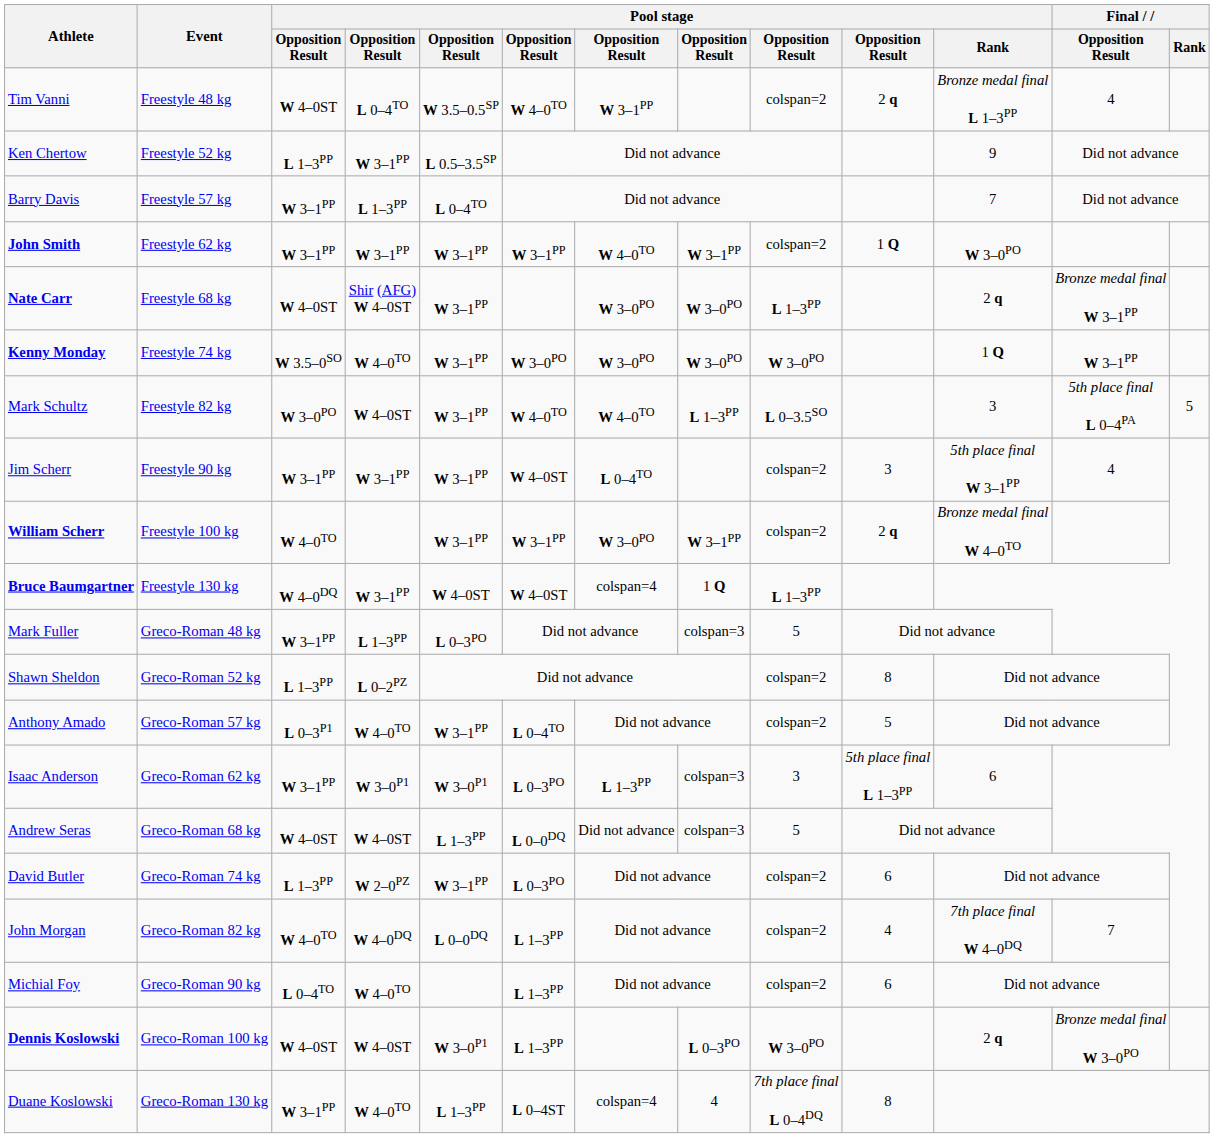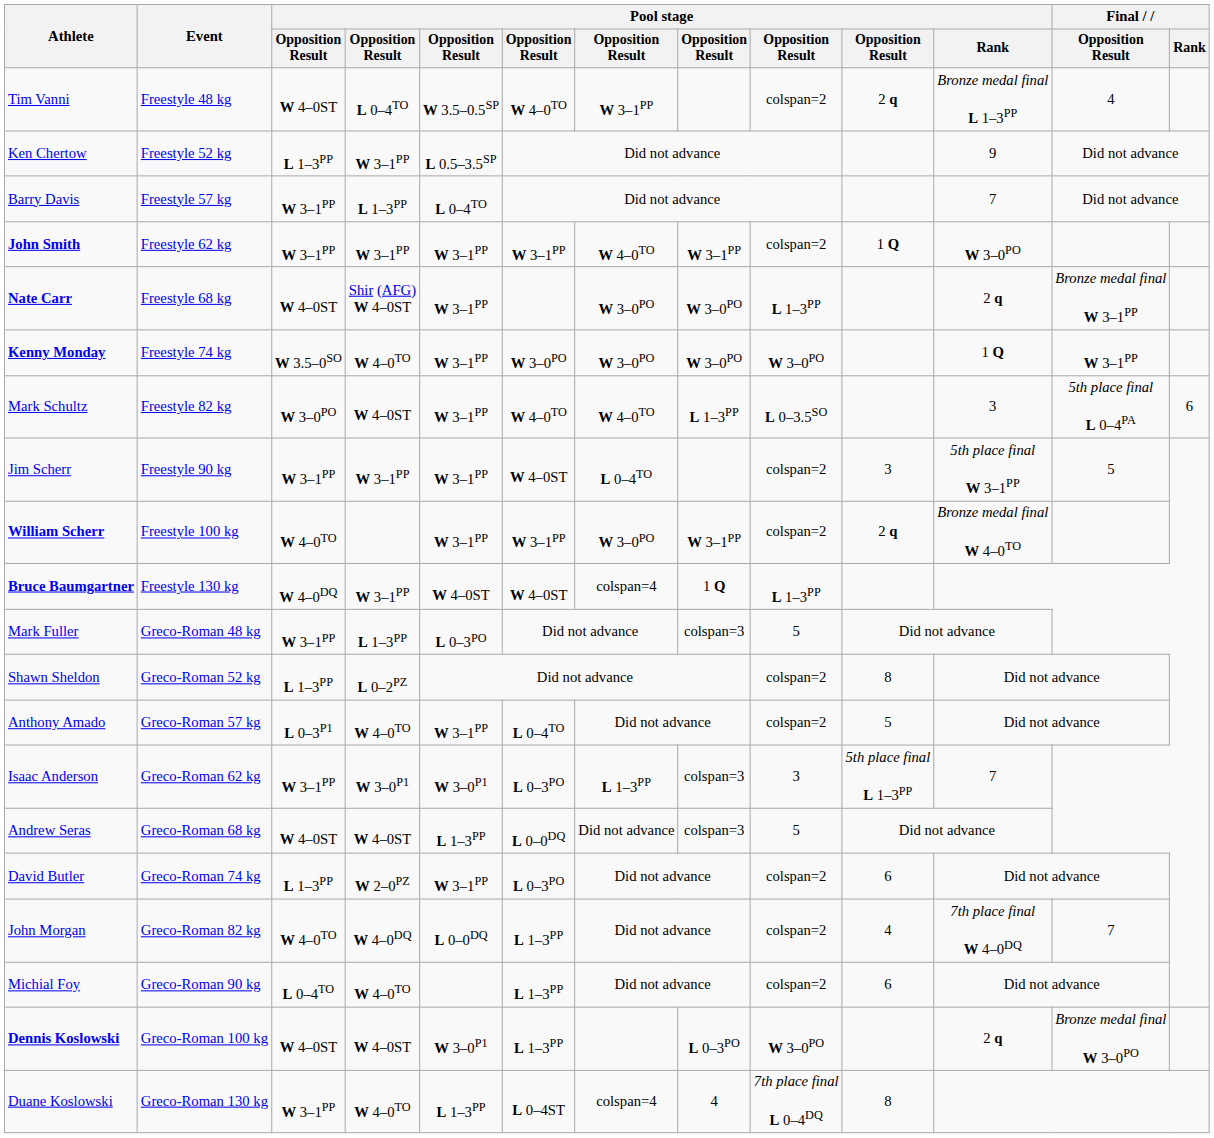 <table class=wikitable style=font-size:90%;text-align:center>
 <tr>
 <th rowspan=2>Athlete</th>
 <th rowspan=2>Event</th>
 <th colspan=9>Pool stage</th>
 <th colspan=2>Final /  / </th>
 </tr>
 <tr style=font-size:95%>
 <th>Opposition<br>Result</th>
 <th>Opposition<br>Result</th>
 <th>Opposition<br>Result</th>
 <th>Opposition<br>Result</th>
 <th>Opposition<br>Result</th>
 <th>Opposition<br>Result</th>
 <th>Opposition<br>Result</th>
 <th>Opposition<br>Result</th>
 <th>Rank</th>
 <th>Opposition<br>Result</th>
 <th>Rank</th>
 </tr>
 <tr>
 <td align=left><a href='#'>Tim Vanni</a></td>
 <td align=left><a href='#'>Freestyle 48 kg</a></td>
 <td><br><strong>W</strong> 4–0ST</td>
 <td><br><strong>L</strong> 0–4<sup>TO</sup></td>
 <td><br><strong>W</strong> 3.5–0.5<sup>SP</sup></td>
 <td><br><strong>W</strong> 4–0<sup>TO</sup></td>
 <td><br><strong>W</strong> 3–1<sup>PP</sup></td>
 <td></td>
 <td>colspan=2 </td>
 <td>2 <strong>q</strong></td>
 <td><em>Bronze medal final</em><br><br><strong>L</strong> 1–3<sup>PP</sup></td>
 <td>4</td>
 </tr>
 <tr>
 <td align=left><a href='#'>Ken Chertow</a></td>
 <td align=left><a href='#'>Freestyle 52 kg</a></td>
 <td><br><strong>L</strong> 1–3<sup>PP</sup></td>
 <td><br><strong>W</strong> 3–1<sup>PP</sup></td>
 <td><br><strong>L</strong> 0.5–3.5<sup>SP</sup></td>
 <td colspan=4>Did not advance</td>
 <td></td>
 <td>9</td>
 <td colspan=2>Did not advance</td>
 </tr>
 <tr>
 <td align=left><a href='#'>Barry Davis</a></td>
 <td align=left><a href='#'>Freestyle 57 kg</a></td>
 <td><br><strong>W</strong> 3–1<sup>PP</sup></td>
 <td><br><strong>L</strong> 1–3<sup>PP</sup></td>
 <td><br><strong>L</strong> 0–4<sup>TO</sup></td>
 <td colspan=4>Did not advance</td>
 <td></td>
 <td>7</td>
 <td colspan=2>Did not advance</td>
 </tr>
 <tr>
 <td align=left><strong><a href='#'>John Smith</a></strong></td>
 <td align=left><a href='#'>Freestyle 62 kg</a></td>
 <td><br><strong>W</strong> 3–1<sup>PP</sup></td>
 <td><br><strong>W</strong> 3–1<sup>PP</sup></td>
 <td><br><strong>W</strong> 3–1<sup>PP</sup></td>
 <td><br><strong>W</strong> 3–1<sup>PP</sup></td>
 <td><br><strong>W</strong> 4–0<sup>TO</sup></td>
 <td><br><strong>W</strong> 3–1<sup>PP</sup></td>
 <td>colspan=2 </td>
 <td>1 <strong>Q</strong></td>
 <td><br><strong>W</strong> 3–0<sup>PO</sup></td>
 <td></td>
 </tr>
 <tr>
 <td align=left><strong><a href='#'>Nate Carr</a></strong></td>
 <td align=left><a href='#'>Freestyle 68 kg</a></td>
 <td><br><strong>W</strong> 4–0ST</td>
 <td><a href='#'>Shir</a> <a href='#'>(AFG)</a><br><strong>W</strong> 4–0ST</td>
 <td><br><strong>W</strong> 3–1<sup>PP</sup></td>
 <td></td>
 <td><br><strong>W</strong> 3–0<sup>PO</sup></td>
 <td><br><strong>W</strong> 3–0<sup>PO</sup></td>
 <td><br><strong>L</strong> 1–3<sup>PP</sup></td>
 <td></td>
 <td>2 <strong>q</strong></td>
 <td><em>Bronze medal final</em><br><br><strong>W</strong> 3–1<sup>PP</sup></td>
 <td></td>
 </tr>
 <tr>
 <td align=left><strong><a href='#'>Kenny Monday</a></strong></td>
 <td align=left><a href='#'>Freestyle 74 kg</a></td>
 <td><br><strong>W</strong> 3.5–0<sup>SO</sup></td>
 <td><br><strong>W</strong> 4–0<sup>TO</sup></td>
 <td><br><strong>W</strong> 3–1<sup>PP</sup></td>
 <td><br><strong>W</strong> 3–0<sup>PO</sup></td>
 <td><br><strong>W</strong> 3–0<sup>PO</sup></td>
 <td><br><strong>W</strong> 3–0<sup>PO</sup></td>
 <td><br><strong>W</strong> 3–0<sup>PO</sup></td>
 <td></td>
 <td>1 <strong>Q</strong></td>
 <td><br><strong>W</strong> 3–1<sup>PP</sup></td>
 <td></td>
 </tr>
 <tr>
 <td align=left><a href='#'>Mark Schultz</a></td>
 <td align=left><a href='#'>Freestyle 82 kg</a></td>
 <td><br><strong>W</strong> 3–0<sup>PO</sup></td>
 <td><br><strong>W</strong> 4–0ST</td>
 <td><br><strong>W</strong> 3–1<sup>PP</sup></td>
 <td><br><strong>W</strong> 4–0<sup>TO</sup></td>
 <td><br><strong>W</strong> 4–0<sup>TO</sup></td>
 <td><br><strong>L</strong> 1–3<sup>PP</sup></td>
 <td><br><strong>L</strong> 0–3.5<sup>SO</sup></td>
 <td></td>
 <td>3</td>
 <td><em>5th place final</em><br><br><strong>L</strong> 0–4<sup>PA</sup></td>
-<td>5</td>
+<td>6</td>
 </tr>
 <tr>
 <td align=left><a href='#'>Jim Scherr</a></td>
 <td align=left><a href='#'>Freestyle 90 kg</a></td>
 <td><br><strong>W</strong> 3–1<sup>PP</sup></td>
 <td><br><strong>W</strong> 3–1<sup>PP</sup></td>
 <td><br><strong>W</strong> 3–1<sup>PP</sup></td>
 <td><br><strong>W</strong> 4–0ST</td>
 <td><br><strong>L</strong> 0–4<sup>TO</sup></td>
 <td></td>
 <td>colspan=2 </td>
 <td>3</td>
 <td><em>5th place final</em><br><br><strong>W</strong> 3–1<sup>PP</sup></td>
-<td>4</td>
+<td>5</td>
 </tr>
 <tr>
 <td align=left><strong><a href='#'>William Scherr</a></strong></td>
 <td align=left><a href='#'>Freestyle 100 kg</a></td>
 <td><br><strong>W</strong> 4–0<sup>TO</sup></td>
 <td></td>
 <td><br><strong>W</strong> 3–1<sup>PP</sup></td>
 <td><br><strong>W</strong> 3–1<sup>PP</sup></td>
 <td><br><strong>W</strong> 3–0<sup>PO</sup></td>
 <td><br><strong>W</strong> 3–1<sup>PP</sup></td>
 <td>colspan=2 </td>
 <td>2 <strong>q</strong></td>
 <td><em>Bronze medal final</em><br><br><strong>W</strong> 4–0<sup>TO</sup></td>
 <td></td>
 </tr>
 <tr>
 <td align=left><strong><a href='#'>Bruce Baumgartner</a></strong></td>
 <td align=left><a href='#'>Freestyle 130 kg</a></td>
 <td><br><strong>W</strong> 4–0<sup>DQ</sup></td>
 <td><br><strong>W</strong> 3–1<sup>PP</sup></td>
 <td><br><strong>W</strong> 4–0ST</td>
 <td><br><strong>W</strong> 4–0ST</td>
 <td>colspan=4 </td>
 <td>1 <strong>Q</strong></td>
 <td><br><strong>L</strong> 1–3<sup>PP</sup></td>
 <td></td>
 </tr>
 <tr>
 <td align=left><a href='#'>Mark Fuller</a></td>
 <td align=left><a href='#'>Greco-Roman 48 kg</a></td>
 <td><br><strong>W</strong> 3–1<sup>PP</sup></td>
 <td><br><strong>L</strong> 1–3<sup>PP</sup></td>
 <td><br><strong>L</strong> 0–3<sup>PO</sup></td>
 <td colspan=2>Did not advance</td>
 <td>colspan=3 </td>
 <td>5</td>
 <td colspan=2>Did not advance</td>
 </tr>
 <tr>
 <td align=left><a href='#'>Shawn Sheldon</a></td>
 <td align=left><a href='#'>Greco-Roman 52 kg</a></td>
 <td><br><strong>L</strong> 1–3<sup>PP</sup></td>
 <td><br><strong>L</strong> 0–2<sup>PZ</sup></td>
 <td colspan=4>Did not advance</td>
 <td>colspan=2 </td>
 <td>8</td>
 <td colspan=2>Did not advance</td>
 </tr>
 <tr>
 <td align=left><a href='#'>Anthony Amado</a></td>
 <td align=left><a href='#'>Greco-Roman 57 kg</a></td>
 <td><br><strong>L</strong> 0–3<sup>P1</sup></td>
 <td><br><strong>W</strong> 4–0<sup>TO</sup></td>
 <td><br><strong>W</strong> 3–1<sup>PP</sup></td>
 <td><br><strong>L</strong> 0–4<sup>TO</sup></td>
 <td colspan=2>Did not advance</td>
 <td>colspan=2 </td>
 <td>5</td>
 <td colspan=2>Did not advance</td>
 </tr>
 <tr>
 <td align=left><a href='#'>Isaac Anderson</a></td>
 <td align=left><a href='#'>Greco-Roman 62 kg</a></td>
 <td><br><strong>W</strong> 3–1<sup>PP</sup></td>
 <td><br><strong>W</strong> 3–0<sup>P1</sup></td>
 <td><br><strong>W</strong> 3–0<sup>P1</sup></td>
 <td><br><strong>L</strong> 0–3<sup>PO</sup></td>
 <td><br><strong>L</strong> 1–3<sup>PP</sup></td>
 <td>colspan=3 </td>
 <td>3</td>
 <td><em>5th place final</em><br><br><strong>L</strong> 1–3<sup>PP</sup></td>
-<td>6</td>
+<td>7</td>
 </tr>
 <tr>
 <td align=left><a href='#'>Andrew Seras</a></td>
 <td align=left><a href='#'>Greco-Roman 68 kg</a></td>
 <td><br><strong>W</strong> 4–0ST</td>
 <td><br><strong>W</strong> 4–0ST</td>
 <td><br><strong>L</strong> 1–3<sup>PP</sup></td>
 <td><br><strong>L</strong> 0–0<sup>DQ</sup></td>
 <td>Did not advance</td>
 <td>colspan=3 </td>
 <td>5</td>
 <td colspan=2>Did not advance</td>
 </tr>
 <tr>
 <td align=left><a href='#'>David Butler</a></td>
 <td align=left><a href='#'>Greco-Roman 74 kg</a></td>
 <td><br><strong>L</strong> 1–3<sup>PP</sup></td>
 <td><br><strong>W</strong> 2–0<sup>PZ</sup></td>
 <td><br><strong>W</strong> 3–1<sup>PP</sup></td>
 <td><br><strong>L</strong> 0–3<sup>PO</sup></td>
 <td colspan=2>Did not advance</td>
 <td>colspan=2 </td>
 <td>6</td>
 <td colspan=2>Did not advance</td>
 </tr>
 <tr>
 <td align=left><a href='#'>John Morgan</a></td>
 <td align=left><a href='#'>Greco-Roman 82 kg</a></td>
 <td><br><strong>W</strong> 4–0<sup>TO</sup></td>
 <td><br><strong>W</strong> 4–0<sup>DQ</sup></td>
 <td><br><strong>L</strong> 0–0<sup>DQ</sup></td>
 <td><br><strong>L</strong> 1–3<sup>PP</sup></td>
 <td colspan=2>Did not advance</td>
 <td>colspan=2 </td>
 <td>4</td>
 <td><em>7th place final</em><br><br><strong>W</strong> 4–0<sup>DQ</sup></td>
 <td>7</td>
 </tr>
 <tr>
 <td align=left><a href='#'>Michial Foy</a></td>
 <td align=left><a href='#'>Greco-Roman 90 kg</a></td>
 <td><br><strong>L</strong> 0–4<sup>TO</sup></td>
 <td><br><strong>W</strong> 4–0<sup>TO</sup></td>
 <td></td>
 <td><br><strong>L</strong> 1–3<sup>PP</sup></td>
 <td colspan=2>Did not advance</td>
 <td>colspan=2 </td>
 <td>6</td>
 <td colspan=2>Did not advance</td>
 </tr>
 <tr>
 <td align=left><strong><a href='#'>Dennis Koslowski</a></strong></td>
 <td align=left><a href='#'>Greco-Roman 100 kg</a></td>
 <td><br><strong>W</strong> 4–0ST</td>
 <td><br><strong>W</strong> 4–0ST</td>
 <td><br><strong>W</strong> 3–0<sup>P1</sup></td>
 <td><br><strong>L</strong> 1–3<sup>PP</sup></td>
 <td></td>
 <td><br><strong>L</strong> 0–3<sup>PO</sup></td>
 <td><br><strong>W</strong> 3–0<sup>PO</sup></td>
 <td></td>
 <td>2 <strong>q</strong></td>
 <td><em>Bronze medal final</em><br><br><strong>W</strong> 3–0<sup>PO</sup></td>
 <td></td>
 </tr>
 <tr>
 <td align=left><a href='#'>Duane Koslowski</a></td>
 <td align=left><a href='#'>Greco-Roman 130 kg</a></td>
 <td><br><strong>W</strong> 3–1<sup>PP</sup></td>
 <td><br><strong>W</strong> 4–0<sup>TO</sup></td>
 <td><br><strong>L</strong> 1–3<sup>PP</sup></td>
 <td><br><strong>L</strong> 0–4ST</td>
 <td>colspan=4 </td>
 <td>4</td>
 <td><em>7th place final</em><br><br><strong>L</strong> 0–4<sup>DQ</sup></td>
 <td>8</td>
 </tr>
 </table>
